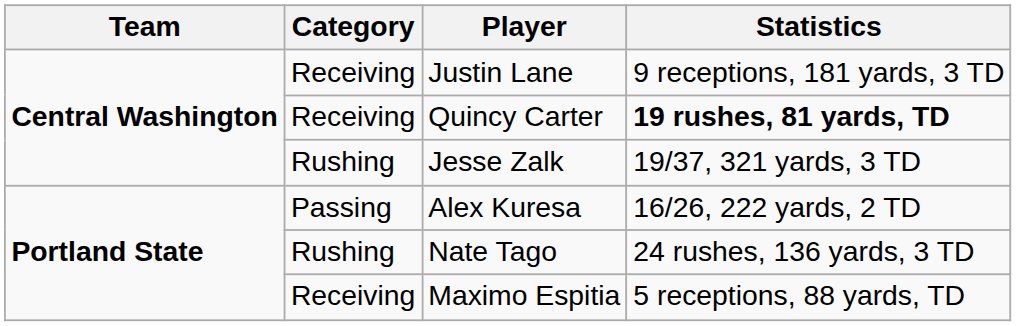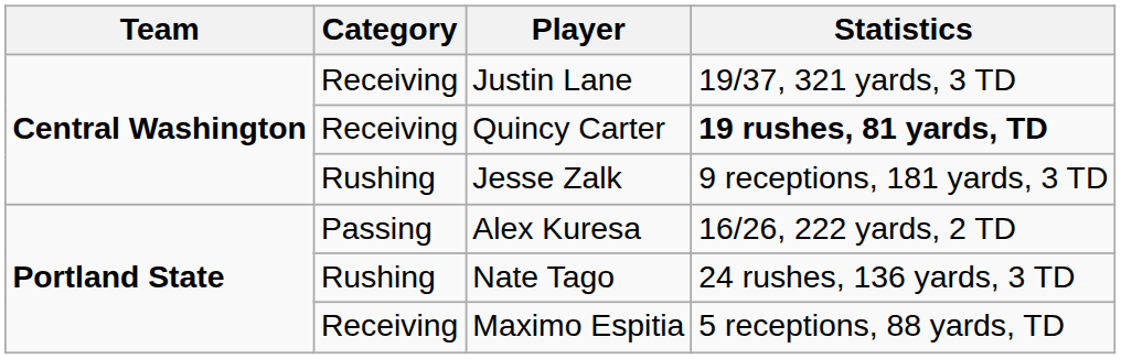 <table class="wikitable" style="float: left;">
 <tr>
 <th>Team</th>
 <th>Category</th>
 <th>Player</th>
 <th>Statistics</th>
 </tr>
 <tr>
 <td rowspan=3><strong>Central Washington</strong></td>
 <td>Receiving</td>
 <td>Justin Lane</td>
-<td>9 receptions, 181 yards, 3 TD</td>
+<td>19/37, 321 yards, 3 TD</td>
 </tr>
 <tr>
 <td>Receiving</td>
 <td>Quincy Carter</td>
 <td><strong>19 rushes, 81 yards, TD</strong></td>
 </tr>
 <tr>
 <td>Rushing</td>
 <td>Jesse Zalk</td>
-<td>19/37, 321 yards, 3 TD</td>
+<td>9 receptions, 181 yards, 3 TD</td>
 </tr>
 <tr>
 <td rowspan=3><strong>Portland State</strong></td>
 <td>Passing</td>
 <td>Alex Kuresa</td>
 <td>16/26, 222 yards, 2 TD</td>
 </tr>
 <tr>
 <td>Rushing</td>
 <td>Nate Tago</td>
 <td>24 rushes, 136 yards, 3 TD</td>
 </tr>
 <tr>
 <td>Receiving</td>
 <td>Maximo Espitia</td>
 <td>5 receptions, 88 yards, TD</td>
 </tr>
 </table>
